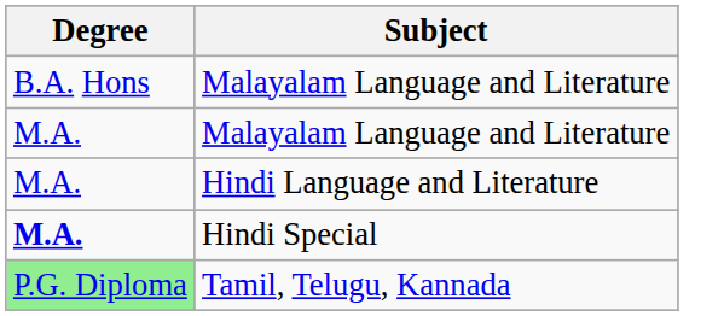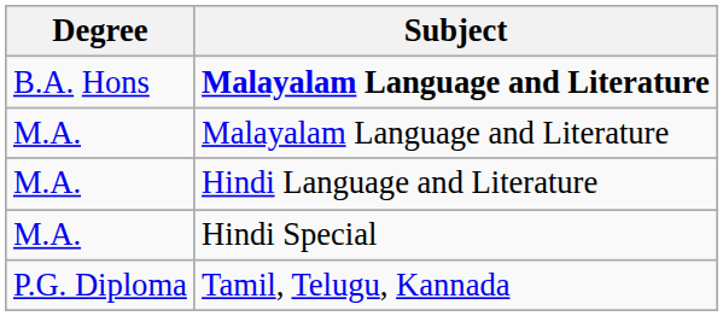 <table class="wikitable">
 <tr>
 <th>Degree</th>
 <th>Subject</th>
 </tr>
 <tr>
 <td><a href='#'>B.A.</a> <a href='#'>Hons</a></td>
-<td><a href='#'>Malayalam</a> Language and Literature</td>
+<td><strong><a href='#'>Malayalam</a> Language and Literature</strong></td>
 </tr>
 <tr>
 <td><a href='#'>M.A.</a></td>
 <td><a href='#'>Malayalam</a> Language and Literature</td>
 </tr>
 <tr>
 <td><a href='#'>M.A.</a></td>
 <td><a href='#'>Hindi</a> Language and Literature</td>
 </tr>
 <tr>
-<td><strong><a href='#'>M.A.</a></strong></td>
+<td><a href='#'>M.A.</a></td>
 <td>Hindi Special</td>
 </tr>
 <tr>
-<td style="background: lightgreen;"><a href='#'>P.G. Diploma</a></td>
+<td><a href='#'>P.G. Diploma</a></td>
 <td><a href='#'>Tamil</a>, <a href='#'>Telugu</a>, <a href='#'>Kannada</a></td>
 </tr>
 </table>
